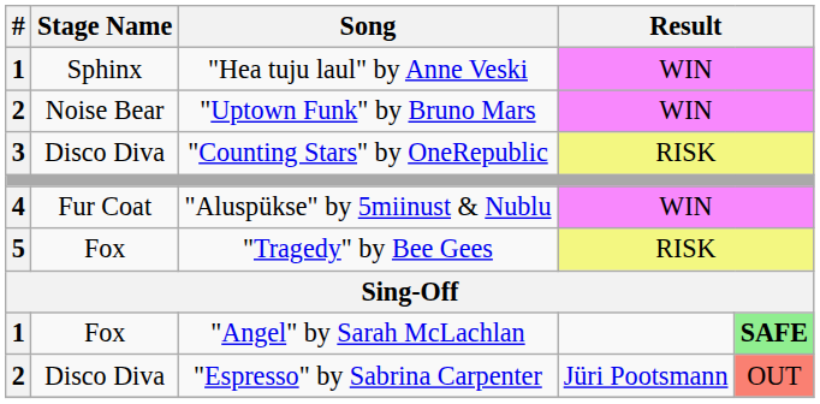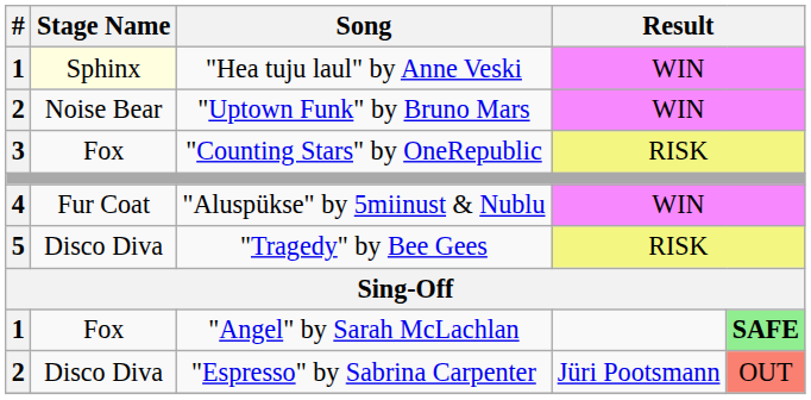 <table class="wikitable plainrowheaders" style="text-align: center;">
 <tr>
 <th>#</th>
 <th>Stage Name</th>
 <th>Song</th>
 <th colspan="2">Result</th>
 </tr>
 <tr>
 <th>1</th>
-<td>Sphinx</td>
+<td style="background: lightyellow;">Sphinx</td>
 <td>"Hea tuju laul" by <a href='#'>Anne Veski</a></td>
 <td colspan="2" bgcolor="#F888FD">WIN</td>
 </tr>
 <tr>
 <th>2</th>
 <td>Noise Bear</td>
 <td>"<a href='#'>Uptown Funk</a>" by <a href='#'>Bruno Mars</a></td>
 <td colspan="2" bgcolor="#F888FD">WIN</td>
 </tr>
 <tr>
 <th>3</th>
-<td>Disco Diva</td>
+<td>Fox</td>
 <td>"<a href='#'>Counting Stars</a>" by <a href='#'>OneRepublic</a></td>
 <td colspan="2" bgcolor="#F3F781">RISK</td>
 </tr>
 <tr>
 <td colspan="5" style="background:darkgray"></td>
 </tr>
 <tr>
 <th>4</th>
 <td>Fur Coat</td>
 <td>"Aluspükse" by <a href='#'>5miinust</a> & <a href='#'>Nublu</a></td>
 <td colspan="2" bgcolor="#F888FD">WIN</td>
 </tr>
 <tr>
 <th>5</th>
-<td>Fox</td>
+<td>Disco Diva</td>
 <td>"<a href='#'>Tragedy</a>" by <a href='#'>Bee Gees</a></td>
 <td colspan="2" bgcolor="#F3F781">RISK</td>
 </tr>
 <tr>
 <th colspan="5">Sing-Off</th>
 </tr>
 <tr>
 <th>1</th>
 <td>Fox</td>
 <td>"<a href='#'>Angel</a>" by <a href='#'>Sarah McLachlan</a></td>
 <td></td>
 <td bgcolor="lightgreen"><strong>SAFE</strong></td>
 </tr>
 <tr>
 <th>2</th>
 <td>Disco Diva</td>
 <td>"<a href='#'>Espresso</a>" by <a href='#'>Sabrina Carpenter</a></td>
 <td><a href='#'>Jüri Pootsmann</a></td>
 <td bgcolor="salmon">OUT</td>
 </tr>
 <tr>
 </tr>
 </table>
